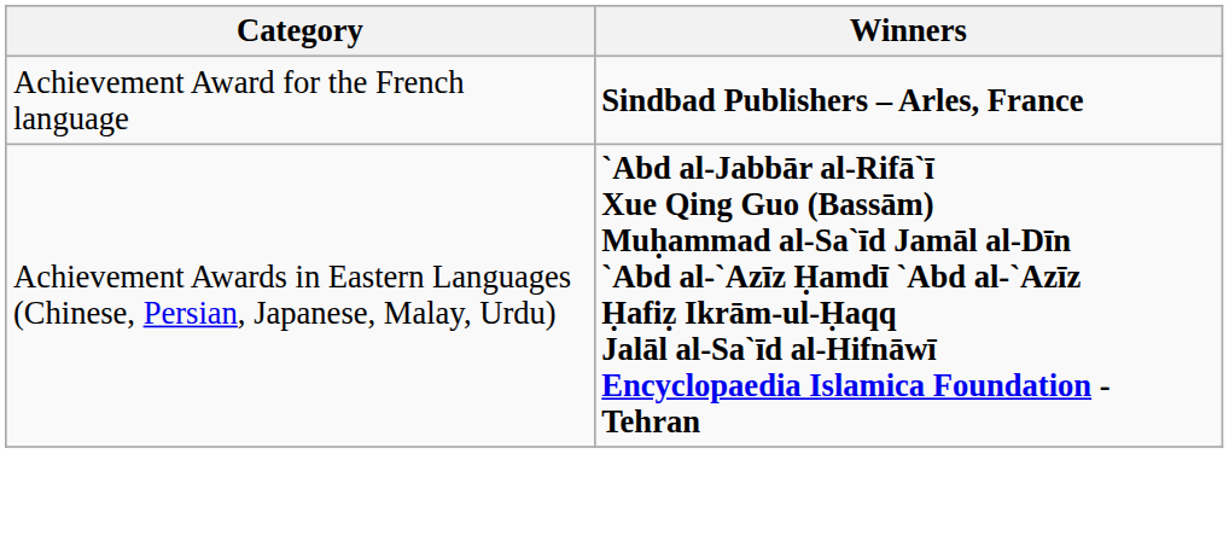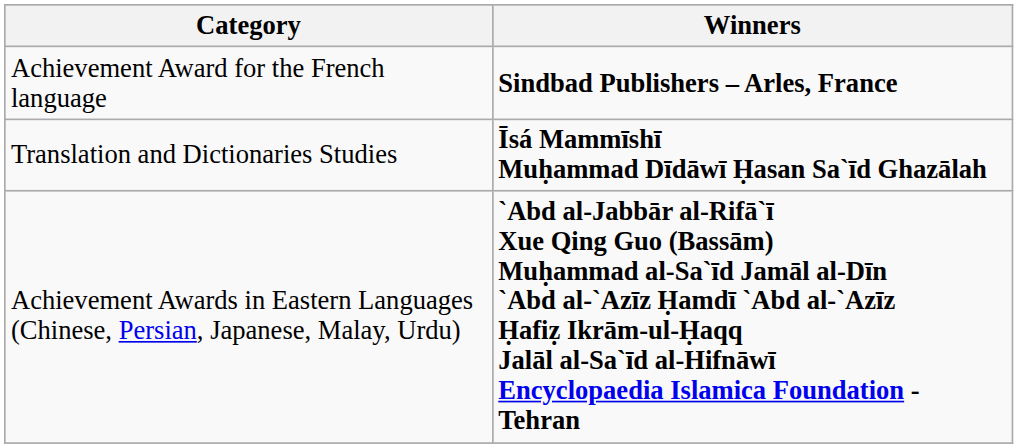 <table class="wikitable">
 <tr>
 <th>Category</th>
 <th>Winners</th>
 </tr>
 <tr>
 <td>Achievement Award for the French language</td>
 <td><strong>Sindbad Publishers – Arles, France</strong></td>
 </tr>
 <tr>
+<td>Translation and Dictionaries Studies</td>
+<td><strong>Īsá Mammīshī</strong><br><strong>Muḥammad Dīdāwī</strong> <strong>Ḥasan Sa`īd Ghazālah</strong></td>
+</tr>
+<tr>
 <td>Achievement Awards in Eastern Languages<br>(Chinese, <a href='#'>Persian</a>, Japanese, Malay, Urdu)</td>
 <td><strong>`Abd al-Jabbār al-Rifā`ī</strong><br><strong>Xue Qing Guo (Bassām)</strong><br><strong>Muḥammad al-Sa`īd Jamāl al-Dīn</strong><br><strong>`Abd al-`Azīz Ḥamdī `Abd al-`Azīz</strong><br><strong>Ḥafiẓ Ikrām-ul-Ḥaqq</strong><br><strong>Jalāl al-Sa`īd al-Hifnāwī</strong><br><strong><a href='#'>Encyclopaedia Islamica Foundation</a> - Tehran</strong></td>
 </tr>
 </table>
